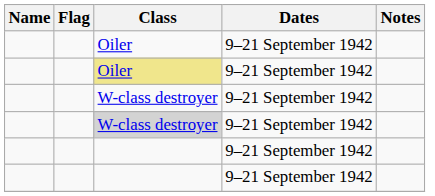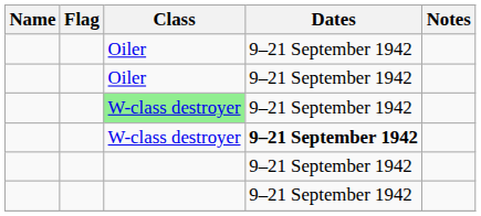 <table class="wikitable sortable">
 <tr>
 <th>Name</th>
 <th>Flag</th>
 <th>Class</th>
 <th>Dates</th>
 <th>Notes</th>
 </tr>
 <tr>
 <td></td>
 <td></td>
 <td><a href='#'>Oiler</a></td>
 <td>9–21 September 1942</td>
 <td></td>
 </tr>
 <tr>
 <td></td>
 <td></td>
-<td style="background: khaki;"><a href='#'>Oiler</a></td>
+<td><a href='#'>Oiler</a></td>
+<td>9–21 September 1942</td>
+<td></td>
+</tr>
+<tr>
+<td></td>
+<td></td>
+<td style="background: lightgreen;"><a href='#'>W-class destroyer</a></td>
 <td>9–21 September 1942</td>
 <td></td>
 </tr>
 <tr>
 <td></td>
 <td></td>
 <td><a href='#'>W-class destroyer</a></td>
-<td>9–21 September 1942</td>
-<td></td>
-</tr>
-<tr>
-<td></td>
-<td></td>
-<td style="background: lightgrey;"><a href='#'>W-class destroyer</a></td>
-<td>9–21 September 1942</td>
+<td><strong>9–21 September 1942</strong></td>
 <td></td>
 </tr>
 <tr>
 <td></td>
 <td></td>
 <td></td>
 <td>9–21 September 1942</td>
 <td></td>
 </tr>
 <tr>
 <td></td>
 <td></td>
 <td></td>
 <td>9–21 September 1942</td>
 <td></td>
 </tr>
 <tr>
 </tr>
 </table>
